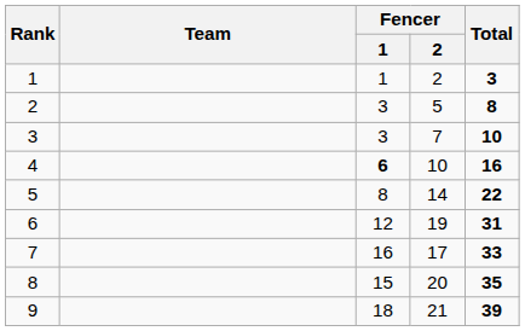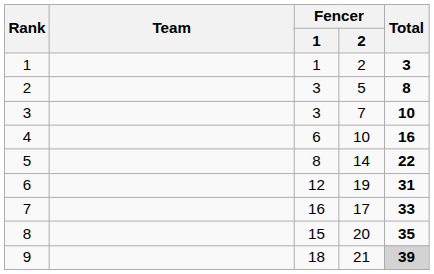 <table class=wikitable style="text-align:center">
 <tr>
 <th rowspan=2 width=40>Rank</th>
 <th rowspan=2 width=250>Team</th>
 <th colspan=2>Fencer</th>
 <th rowspan=2 width=40>Total</th>
 </tr>
 <tr>
 <th width=40>1</th>
 <th width=40>2</th>
 </tr>
 <tr>
 <td>1</td>
 <td align=left></td>
 <td>1</td>
 <td>2</td>
 <td><strong>3</strong></td>
 </tr>
 <tr>
 <td>2</td>
 <td align=left></td>
 <td>3</td>
 <td>5</td>
 <td><strong>8</strong></td>
 </tr>
 <tr>
 <td>3</td>
 <td align=left></td>
 <td>3</td>
 <td>7</td>
 <td><strong>10</strong></td>
 </tr>
 <tr>
 <td>4</td>
 <td align=left></td>
-<td><strong>6</strong></td>
+<td>6</td>
 <td>10</td>
 <td><strong>16</strong></td>
 </tr>
 <tr>
 <td>5</td>
 <td align=left></td>
 <td>8</td>
 <td>14</td>
 <td><strong>22</strong></td>
 </tr>
 <tr>
 <td>6</td>
 <td align=left></td>
 <td>12</td>
 <td>19</td>
 <td><strong>31</strong></td>
 </tr>
 <tr>
 <td>7</td>
 <td align=left></td>
 <td>16</td>
 <td>17</td>
 <td><strong>33</strong></td>
 </tr>
 <tr>
 <td>8</td>
 <td align=left></td>
 <td>15</td>
 <td>20</td>
 <td><strong>35</strong></td>
 </tr>
 <tr>
 <td>9</td>
 <td align=left></td>
 <td>18</td>
 <td>21</td>
-<td><strong>39</strong></td>
+<td style="background: lightgrey;"><strong>39</strong></td>
 </tr>
 </table>
